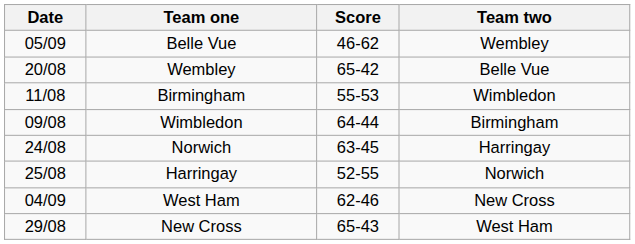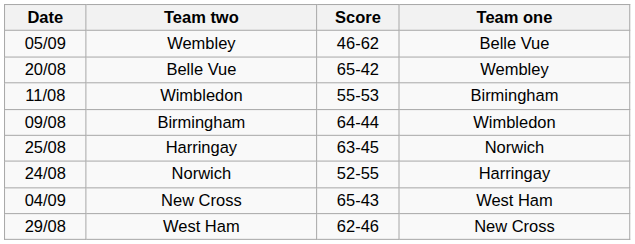 <table class="wikitable" style="text-align: center">
 <tr>
 <th width=80>Date</th>
+<th width=250>Team two</th>
+<th width=80>Score</th>
 <th width=250>Team one</th>
-<th width=80>Score</th>
-<th width=250>Team two</th>
 </tr>
 <tr>
 <td>05/09</td>
+<td>Wembley</td>
+<td>46-62</td>
 <td>Belle Vue</td>
-<td>46-62</td>
+</tr>
+<tr>
+<td>20/08</td>
+<td>Belle Vue</td>
+<td>65-42</td>
 <td>Wembley</td>
 </tr>
 <tr>
-<td>20/08</td>
-<td>Wembley</td>
-<td>65-42</td>
-<td>Belle Vue</td>
+<td>11/08</td>
+<td>Wimbledon</td>
+<td>55-53</td>
+<td>Birmingham</td>
 </tr>
 <tr>
-<td>11/08</td>
+<td>09/08</td>
 <td>Birmingham</td>
-<td>55-53</td>
+<td>64-44</td>
 <td>Wimbledon</td>
 </tr>
 <tr>
-<td>09/08</td>
-<td>Wimbledon</td>
-<td>64-44</td>
-<td>Birmingham</td>
+<td>25/08</td>
+<td>Harringay</td>
+<td>63-45</td>
+<td>Norwich</td>
 </tr>
 <tr>
 <td>24/08</td>
 <td>Norwich</td>
-<td>63-45</td>
+<td>52-55</td>
 <td>Harringay</td>
 </tr>
 <tr>
-<td>25/08</td>
-<td>Harringay</td>
-<td>52-55</td>
-<td>Norwich</td>
+<td>04/09</td>
+<td>New Cross</td>
+<td>65-43</td>
+<td>West Ham</td>
 </tr>
 <tr>
-<td>04/09</td>
+<td>29/08</td>
 <td>West Ham</td>
 <td>62-46</td>
 <td>New Cross</td>
 </tr>
-<tr>
-<td>29/08</td>
-<td>New Cross</td>
-<td>65-43</td>
-<td>West Ham</td>
-</tr>
 </table>
